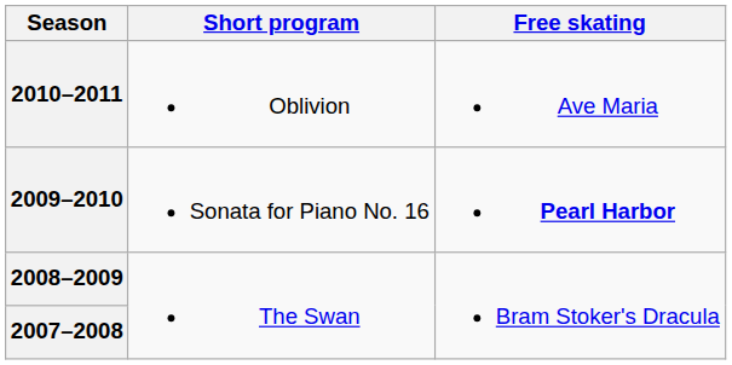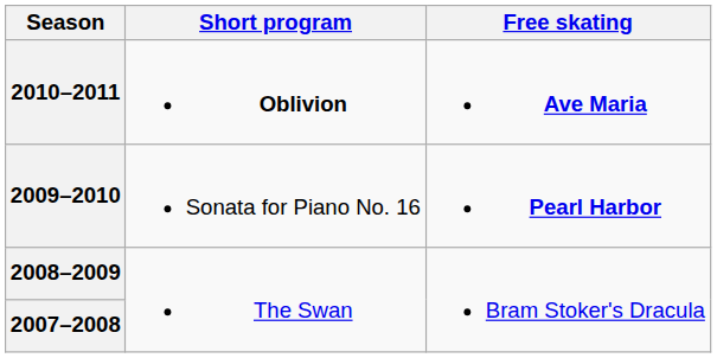 <table class="wikitable" style="text-align:center">
 <tr>
 <th>Season</th>
 <th><a href='#'>Short program</a></th>
 <th><a href='#'>Free skating</a></th>
 </tr>
 <tr>
 <th>2010–2011 <br> </th>
-<td><br><ul><li>Oblivion  <br></li></ul></td>
-<td><br><ul><li><a href='#'>Ave Maria</a> <br></li></ul></td>
+<td><strong><br><ul><li>Oblivion  <br></li></ul></strong></td>
+<td><strong><br><ul><li><a href='#'>Ave Maria</a> <br></li></ul></strong></td>
 </tr>
 <tr>
 <th>2009–2010 <br> </th>
 <td><br><ul><li>Sonata for Piano No. 16 <br></li></ul></td>
 <td><strong><br><ul><li><a href='#'>Pearl Harbor</a> <br></li></ul></strong></td>
 </tr>
 <tr>
 <th>2008–2009 <br> </th>
 <td rowspan="2"><br><ul><li><a href='#'>The Swan</a> <br></li></ul></td>
 <td rowspan=2><br><ul><li><a href='#'>Bram Stoker's Dracula</a> <br></li></ul></td>
 </tr>
 <tr>
 <th>2007–2008 <br> </th>
 </tr>
 </table>
